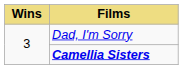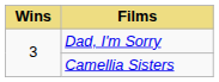 <table class="wikitable" align="center" style="width:25%">
 <tr>
 <th style="background:#EEDD82;" align="center">Wins</th>
 <th style="background:#EEDD82;" align="center">Films</th>
 </tr>
 <tr>
 <td rowspan="2" style="text-align:center">3</td>
 <td><em><a href='#'>Dad, I'm Sorry</a></em></td>
 </tr>
 <tr>
-<td><strong><em><a href='#'>Camellia Sisters</a></em></strong></td>
+<td><em><a href='#'>Camellia Sisters</a></em></td>
 </tr>
 </table>
